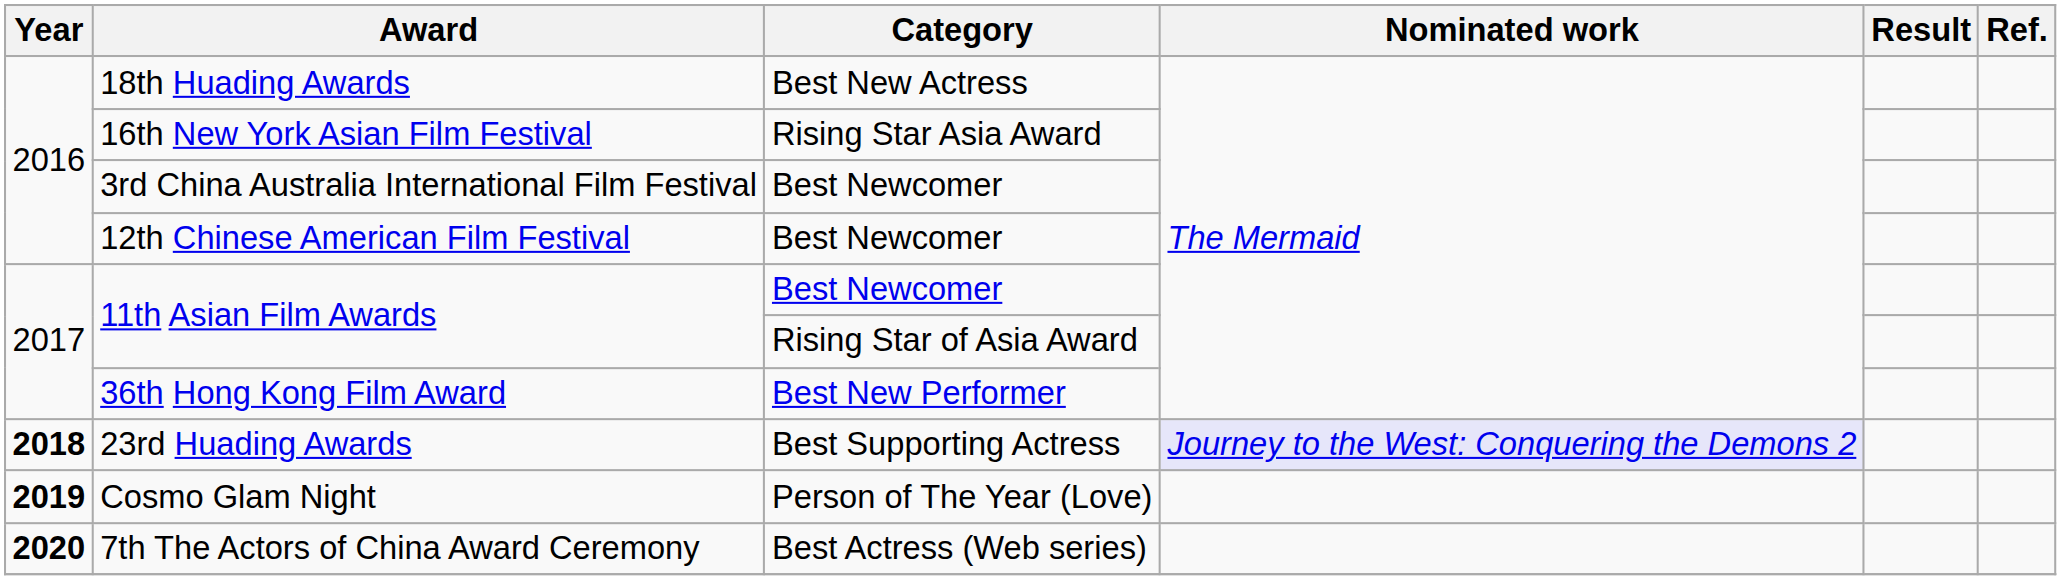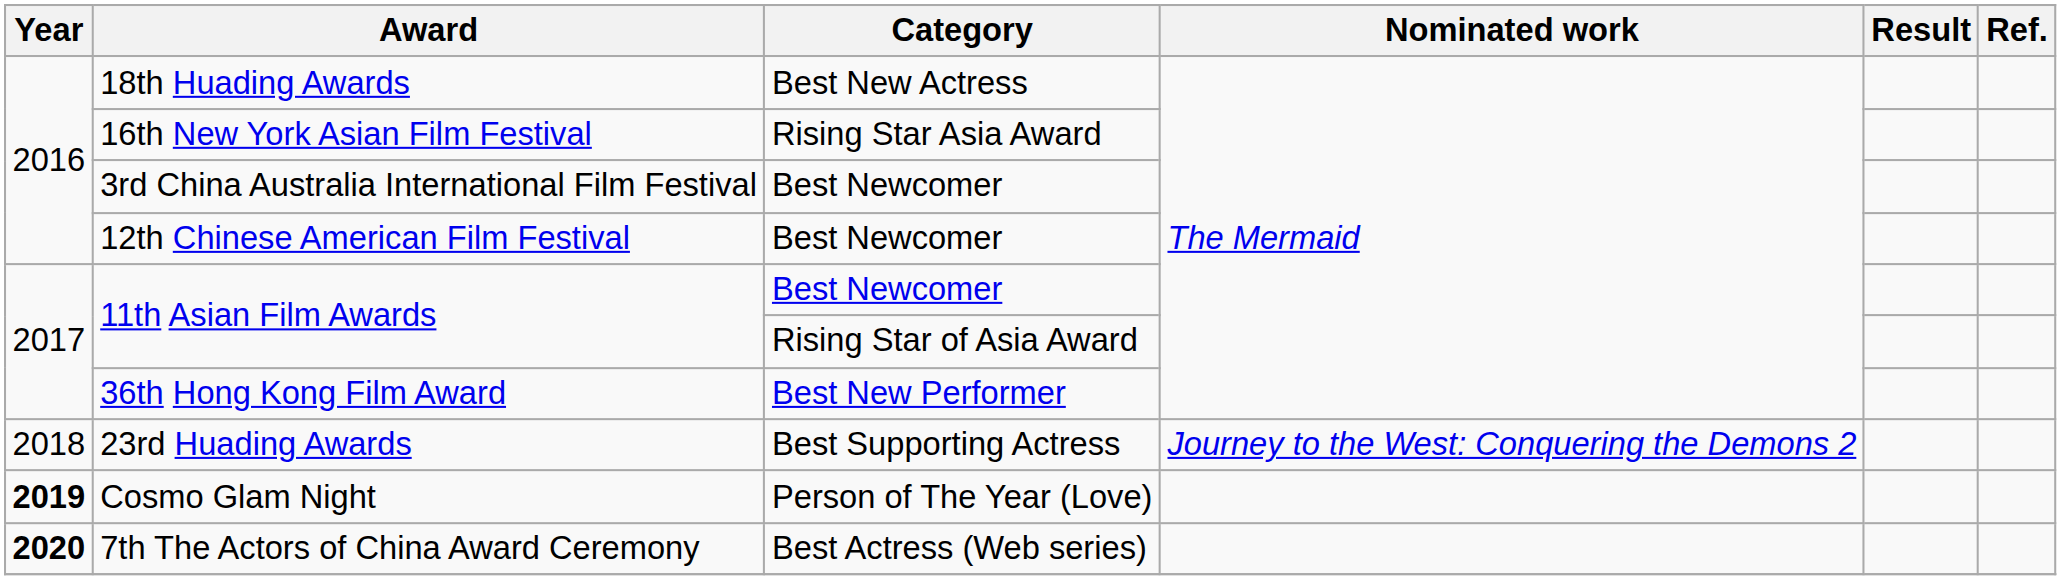 <table class="wikitable">
 <tr>
 <th>Year</th>
 <th>Award</th>
 <th>Category</th>
 <th>Nominated work</th>
 <th>Result</th>
 <th>Ref.</th>
 </tr>
 <tr>
 <td rowspan=4>2016</td>
 <td>18th <a href='#'>Huading Awards</a></td>
 <td>Best New Actress</td>
 <td rowspan=7><em><a href='#'>The Mermaid</a></em></td>
 <td></td>
 <td></td>
 </tr>
 <tr>
 <td>16th <a href='#'>New York Asian Film Festival</a></td>
 <td>Rising Star Asia Award</td>
 <td></td>
 <td></td>
 </tr>
 <tr>
 <td>3rd China Australia International Film Festival</td>
 <td>Best Newcomer</td>
 <td></td>
 <td></td>
 </tr>
 <tr>
 <td>12th <a href='#'>Chinese American Film Festival</a></td>
 <td>Best Newcomer</td>
 <td></td>
 <td></td>
 </tr>
 <tr>
 <td rowspan=3>2017</td>
 <td rowspan=2><a href='#'>11th</a> <a href='#'>Asian Film Awards</a></td>
 <td><a href='#'>Best Newcomer</a></td>
 <td></td>
 <td></td>
 </tr>
 <tr>
 <td>Rising Star of Asia Award</td>
 <td></td>
 <td></td>
 </tr>
 <tr>
 <td><a href='#'>36th</a> <a href='#'>Hong Kong Film Award</a></td>
 <td><a href='#'>Best New Performer</a></td>
 <td></td>
 <td></td>
 </tr>
 <tr>
-<td><strong>2018</strong></td>
+<td>2018</td>
 <td>23rd <a href='#'>Huading Awards</a></td>
 <td>Best Supporting Actress</td>
-<td style="background: lavender;"><em><a href='#'>Journey to the West: Conquering the Demons 2</a></em></td>
+<td><em><a href='#'>Journey to the West: Conquering the Demons 2</a></em></td>
 <td></td>
 <td></td>
 </tr>
 <tr>
 <td><strong>2019</strong></td>
 <td>Cosmo Glam Night</td>
 <td>Person of The Year (Love)</td>
 <td></td>
 <td></td>
 <td></td>
 </tr>
 <tr>
 <td><strong>2020</strong></td>
 <td>7th The Actors of China Award Ceremony</td>
 <td>Best Actress (Web series)</td>
 <td></td>
 <td></td>
 <td></td>
 </tr>
 <tr>
 </tr>
 </table>
